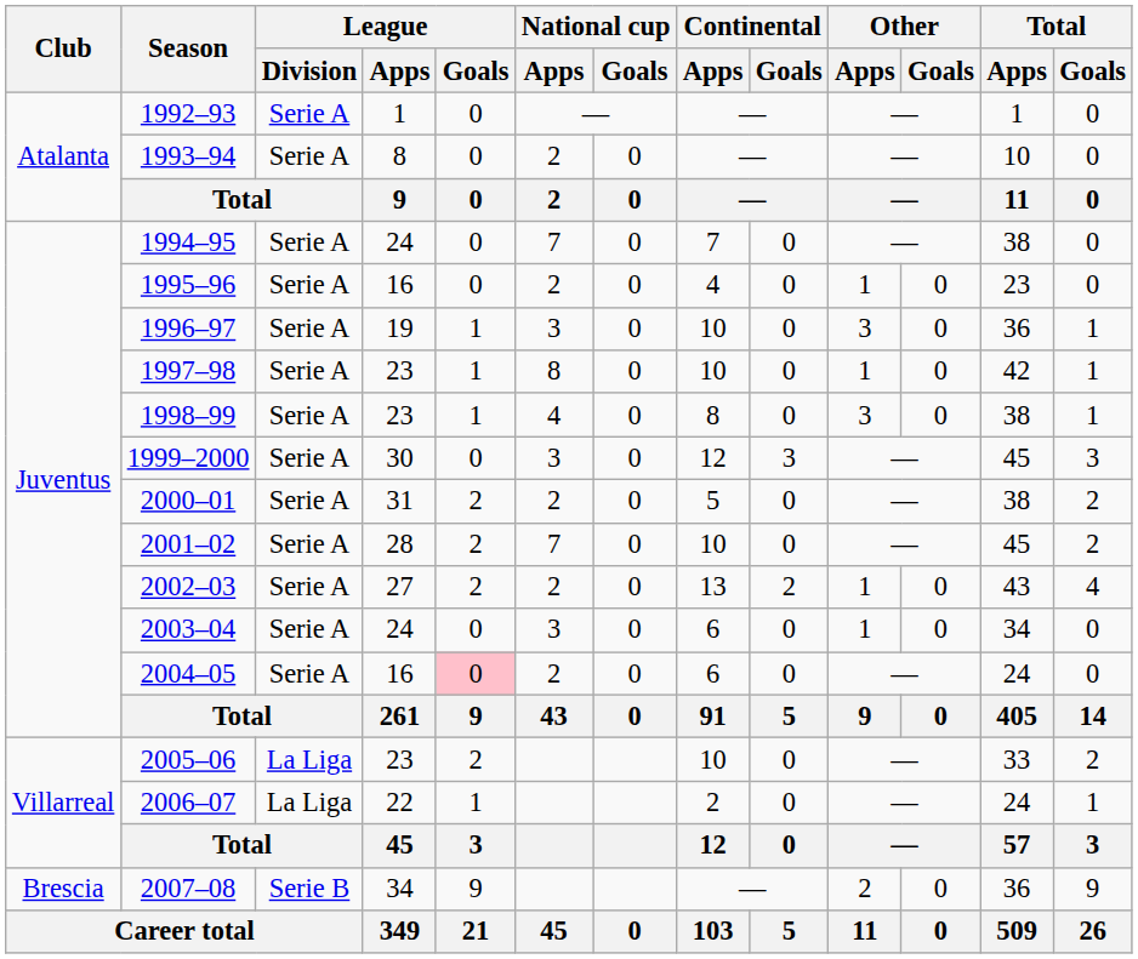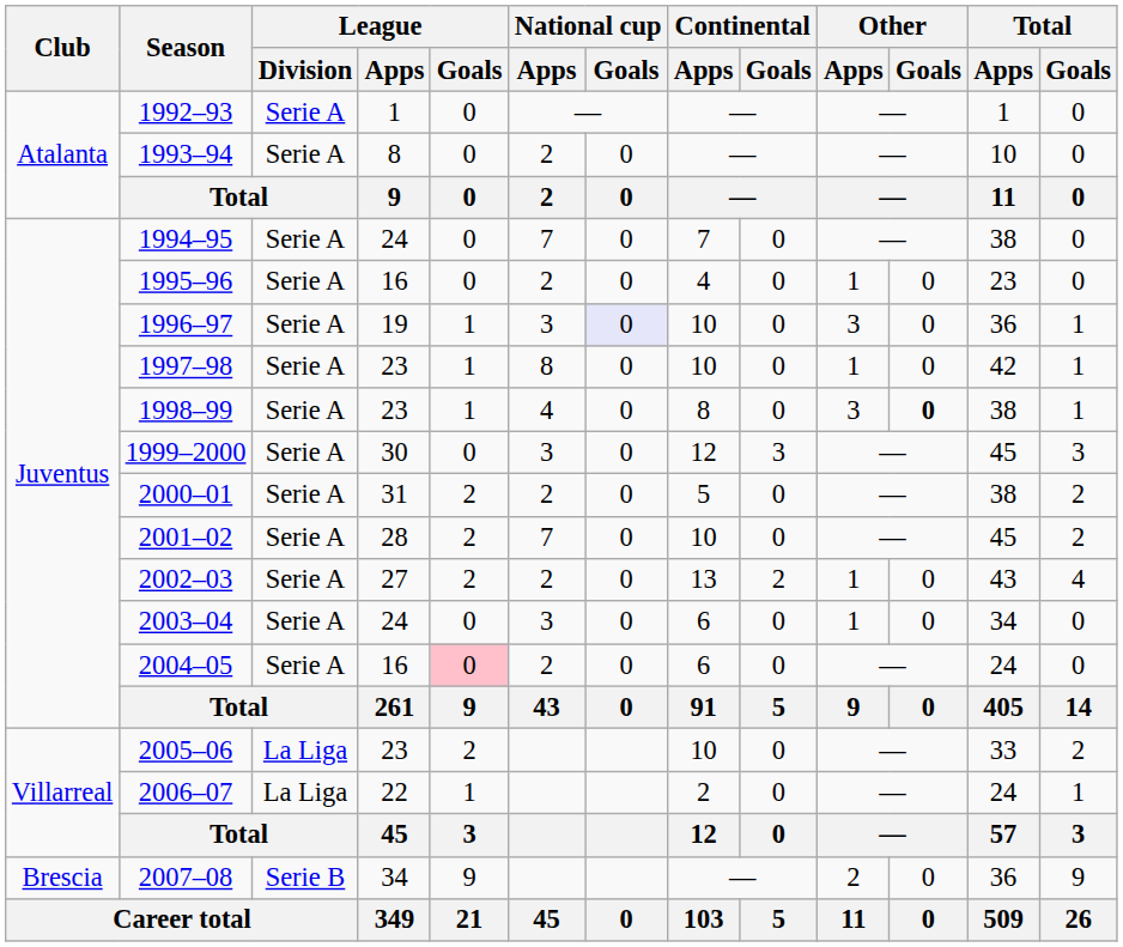 <table class="wikitable" style="text-align:center">
 <tr>
 <th rowspan="2">Club</th>
 <th rowspan="2">Season</th>
 <th colspan="3">League</th>
 <th colspan="2">National cup</th>
 <th colspan="2">Continental</th>
 <th colspan="2">Other</th>
 <th colspan="2">Total</th>
 </tr>
 <tr>
 <th>Division</th>
 <th>Apps</th>
 <th>Goals</th>
 <th>Apps</th>
 <th>Goals</th>
 <th>Apps</th>
 <th>Goals</th>
 <th>Apps</th>
 <th>Goals</th>
 <th>Apps</th>
 <th>Goals</th>
 </tr>
 <tr>
 <td rowspan="3"><a href='#'>Atalanta</a></td>
 <td><a href='#'>1992–93</a></td>
 <td><a href='#'>Serie A</a></td>
 <td>1</td>
 <td>0</td>
 <td colspan="2">—</td>
 <td colspan="2">—</td>
 <td colspan="2">—</td>
 <td>1</td>
 <td>0</td>
 </tr>
 <tr>
 <td><a href='#'>1993–94</a></td>
 <td>Serie A</td>
 <td>8</td>
 <td>0</td>
 <td>2</td>
 <td>0</td>
 <td colspan="2">—</td>
 <td colspan="2">—</td>
 <td>10</td>
 <td>0</td>
 </tr>
 <tr>
 <th colspan="2">Total</th>
 <th>9</th>
 <th>0</th>
 <th>2</th>
 <th>0</th>
 <th colspan="2">—</th>
 <th colspan="2">—</th>
 <th>11</th>
 <th>0</th>
 </tr>
 <tr>
 <td rowspan="12"><a href='#'>Juventus</a></td>
 <td><a href='#'>1994–95</a></td>
 <td>Serie A</td>
 <td>24</td>
 <td>0</td>
 <td>7</td>
 <td>0</td>
 <td>7</td>
 <td>0</td>
 <td colspan="2">—</td>
 <td>38</td>
 <td>0</td>
 </tr>
 <tr>
 <td><a href='#'>1995–96</a></td>
 <td>Serie A</td>
 <td>16</td>
 <td>0</td>
 <td>2</td>
 <td>0</td>
 <td>4</td>
 <td>0</td>
 <td>1</td>
 <td>0</td>
 <td>23</td>
 <td>0</td>
 </tr>
 <tr>
 <td><a href='#'>1996–97</a></td>
 <td>Serie A</td>
 <td>19</td>
 <td>1</td>
 <td>3</td>
-<td>0</td>
+<td style="background: lavender;">0</td>
 <td>10</td>
 <td>0</td>
 <td>3</td>
 <td>0</td>
 <td>36</td>
 <td>1</td>
 </tr>
 <tr>
 <td><a href='#'>1997–98</a></td>
 <td>Serie A</td>
 <td>23</td>
 <td>1</td>
 <td>8</td>
 <td>0</td>
 <td>10</td>
 <td>0</td>
 <td>1</td>
 <td>0</td>
 <td>42</td>
 <td>1</td>
 </tr>
 <tr>
 <td><a href='#'>1998–99</a></td>
 <td>Serie A</td>
 <td>23</td>
 <td>1</td>
 <td>4</td>
 <td>0</td>
 <td>8</td>
 <td>0</td>
 <td>3</td>
-<td>0</td>
+<td><strong>0</strong></td>
 <td>38</td>
 <td>1</td>
 </tr>
 <tr>
 <td><a href='#'>1999–2000</a></td>
 <td>Serie A</td>
 <td>30</td>
 <td>0</td>
 <td>3</td>
 <td>0</td>
 <td>12</td>
 <td>3</td>
 <td colspan="2">—</td>
 <td>45</td>
 <td>3</td>
 </tr>
 <tr>
 <td><a href='#'>2000–01</a></td>
 <td>Serie A</td>
 <td>31</td>
 <td>2</td>
 <td>2</td>
 <td>0</td>
 <td>5</td>
 <td>0</td>
 <td colspan="2">—</td>
 <td>38</td>
 <td>2</td>
 </tr>
 <tr>
 <td><a href='#'>2001–02</a></td>
 <td>Serie A</td>
 <td>28</td>
 <td>2</td>
 <td>7</td>
 <td>0</td>
 <td>10</td>
 <td>0</td>
 <td colspan="2">—</td>
 <td>45</td>
 <td>2</td>
 </tr>
 <tr>
 <td><a href='#'>2002–03</a></td>
 <td>Serie A</td>
 <td>27</td>
 <td>2</td>
 <td>2</td>
 <td>0</td>
 <td>13</td>
 <td>2</td>
 <td>1</td>
 <td>0</td>
 <td>43</td>
 <td>4</td>
 </tr>
 <tr>
 <td><a href='#'>2003–04</a></td>
 <td>Serie A</td>
 <td>24</td>
 <td>0</td>
 <td>3</td>
 <td>0</td>
 <td>6</td>
 <td>0</td>
 <td>1</td>
 <td>0</td>
 <td>34</td>
 <td>0</td>
 </tr>
 <tr>
 <td><a href='#'>2004–05</a></td>
 <td>Serie A</td>
 <td>16</td>
 <td style="background: pink;">0</td>
 <td>2</td>
 <td>0</td>
 <td>6</td>
 <td>0</td>
 <td colspan="2">—</td>
 <td>24</td>
 <td>0</td>
 </tr>
 <tr>
 <th colspan="2">Total</th>
 <th>261</th>
 <th>9</th>
 <th>43</th>
 <th>0</th>
 <th>91</th>
 <th>5</th>
 <th>9</th>
 <th>0</th>
 <th>405</th>
 <th>14</th>
 </tr>
 <tr>
 <td rowspan="3"><a href='#'>Villarreal</a></td>
 <td><a href='#'>2005–06</a></td>
 <td><a href='#'>La Liga</a></td>
 <td>23</td>
 <td>2</td>
 <td></td>
 <td></td>
 <td>10</td>
 <td>0</td>
 <td colspan="2">—</td>
 <td>33</td>
 <td>2</td>
 </tr>
 <tr>
 <td><a href='#'>2006–07</a></td>
 <td>La Liga</td>
 <td>22</td>
 <td>1</td>
 <td></td>
 <td></td>
 <td>2</td>
 <td>0</td>
 <td colspan="2">—</td>
 <td>24</td>
 <td>1</td>
 </tr>
 <tr>
 <th colspan="2">Total</th>
 <th>45</th>
 <th>3</th>
 <th></th>
 <th></th>
 <th>12</th>
 <th>0</th>
 <th colspan="2">—</th>
 <th>57</th>
 <th>3</th>
 </tr>
 <tr>
 <td><a href='#'>Brescia</a></td>
 <td><a href='#'>2007–08</a></td>
 <td><a href='#'>Serie B</a></td>
 <td>34</td>
 <td>9</td>
 <td></td>
 <td></td>
 <td colspan="2">—</td>
 <td>2</td>
 <td>0</td>
 <td>36</td>
 <td>9</td>
 </tr>
 <tr>
 <th colspan="3">Career total</th>
 <th>349</th>
 <th>21</th>
 <th>45</th>
 <th>0</th>
 <th>103</th>
 <th>5</th>
 <th>11</th>
 <th>0</th>
 <th>509</th>
 <th>26</th>
 </tr>
 </table>
